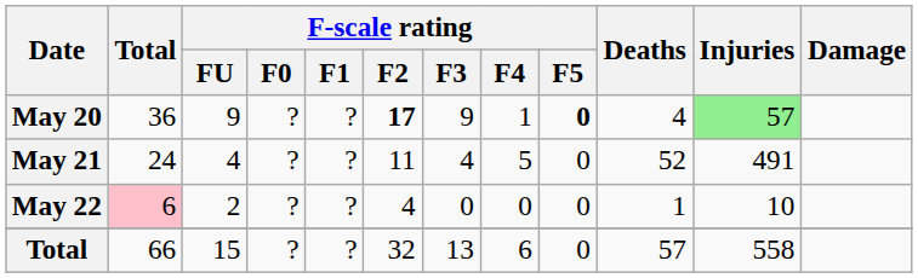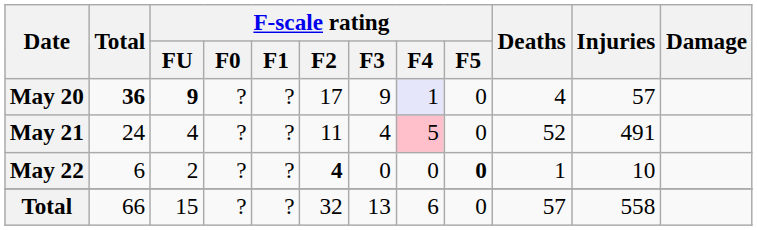 <table class="wikitable sortable" style="margin: 1em auto 1em auto;">
 <tr>
 <th scope="col" rowspan="2">Date</th>
 <th scope="col" rowspan="2" align="center">Total</th>
 <th scope="col" colspan="7" align="center"><a href='#'>F-scale</a> rating</th>
 <th scope="col" rowspan="2" align="center">Deaths</th>
 <th scope="col" rowspan="2" align="center">Injuries</th>
 <th scope="col" rowspan="2" align="center">Damage</th>
 </tr>
 <tr>
 <th scope="col" align="center"> FU </th>
 <th scope="col" align="center"> F0 </th>
 <th scope="col" align="center"> F1 </th>
 <th scope="col" align="center"> F2 </th>
 <th scope="col" align="center"> F3 </th>
 <th scope="col" align="center"> F4 </th>
 <th scope="col" align="center"> F5 </th>
 </tr>
 <tr>
 <th scope="row">May 20</th>
-<td align="right">36</td>
-<td align="right">9</td>
+<td align="right"><strong>36</strong></td>
+<td align="right"><strong>9</strong></td>
 <td align="right">?</td>
 <td align="right">?</td>
-<td align="right"><strong>17</strong></td>
+<td align="right">17</td>
 <td align="right">9</td>
-<td align="right">1</td>
-<td align="right"><strong>0</strong></td>
+<td align="right" style="background: lavender;">1</td>
+<td align="right">0</td>
 <td align="right">4</td>
-<td align="right" style="background: lightgreen;">57</td>
+<td align="right">57</td>
 <td align="right"></td>
 </tr>
 <tr>
 <th scope="row">May 21</th>
 <td align="right">24</td>
 <td align="right">4</td>
 <td align="right">?</td>
 <td align="right">?</td>
 <td align="right">11</td>
 <td align="right">4</td>
-<td align="right">5</td>
+<td align="right" style="background: pink;">5</td>
 <td align="right">0</td>
 <td align="right">52</td>
 <td align="right">491</td>
 <td align="right"></td>
 </tr>
 <tr>
 <th scope="row">May 22</th>
-<td align="right" style="background: pink;">6</td>
+<td align="right">6</td>
 <td align="right">2</td>
 <td align="right">?</td>
 <td align="right">?</td>
-<td align="right">4</td>
+<td align="right"><strong>4</strong></td>
 <td align="right">0</td>
 <td align="right">0</td>
-<td align="right">0</td>
+<td align="right"><strong>0</strong></td>
 <td align="right">1</td>
 <td align="right">10</td>
 <td align="right"></td>
 </tr>
 <tr>
 </tr>
 <tr class="sortbottom">
 <th scope="row">Total</th>
 <td align="right">66</td>
 <td align="right">15</td>
 <td align="right">?</td>
 <td align="right">?</td>
 <td align="right">32</td>
 <td align="right">13</td>
 <td align="right">6</td>
 <td align="right">0</td>
 <td align="right">57</td>
 <td align="right">558</td>
 <td align="right"></td>
 </tr>
 </table>
